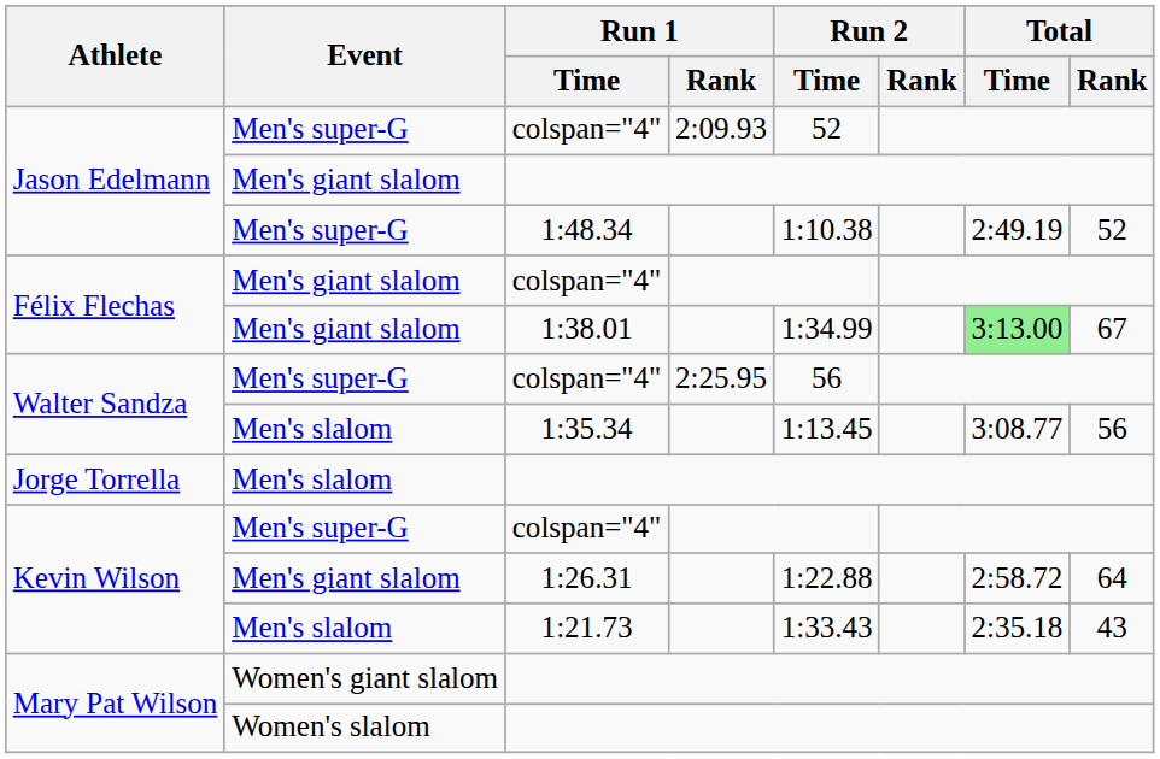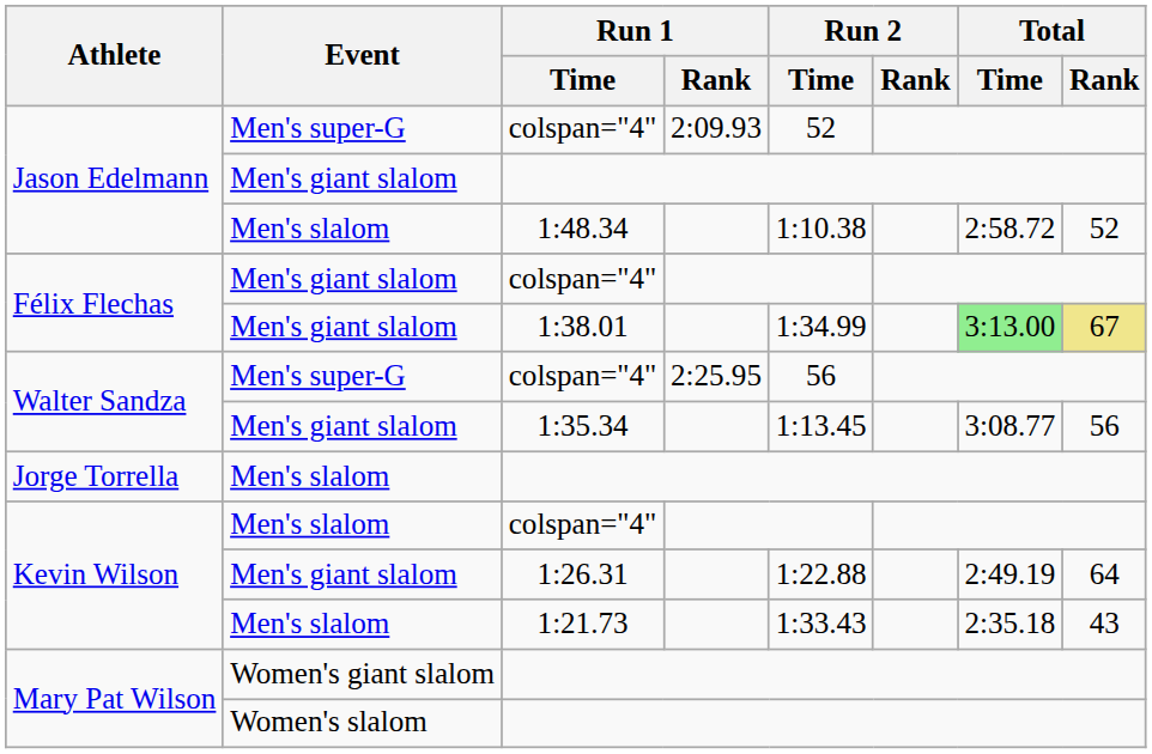 <table class="wikitable" style="font-size:90%">
 <tr>
 <th rowspan="2">Athlete</th>
 <th rowspan="2">Event</th>
 <th colspan="2">Run 1</th>
 <th colspan="2">Run 2</th>
 <th colspan="2">Total</th>
 </tr>
 <tr>
 <th>Time</th>
 <th>Rank</th>
 <th>Time</th>
 <th>Rank</th>
 <th>Time</th>
 <th>Rank</th>
 </tr>
 <tr>
 <td rowspan="3"><a href='#'>Jason Edelmann</a></td>
 <td><a href='#'>Men's super-G</a></td>
 <td>colspan="4" </td>
 <td align="center">2:09.93</td>
 <td align="center">52</td>
 </tr>
 <tr>
 <td><a href='#'>Men's giant slalom</a></td>
 <td colspan="6" align="center"></td>
 </tr>
 <tr>
-<td><a href='#'>Men's super-G</a></td>
+<td><a href='#'>Men's slalom</a></td>
 <td align="center">1:48.34</td>
 <td align="center"></td>
 <td align="center">1:10.38</td>
 <td align="center"></td>
-<td align="center">2:49.19</td>
+<td align="center">2:58.72</td>
 <td align="center">52</td>
 </tr>
 <tr>
 <td rowspan="2"><a href='#'>Félix Flechas</a></td>
 <td><a href='#'>Men's giant slalom</a></td>
 <td>colspan="4" </td>
 <td colspan="2" align="center"></td>
 </tr>
 <tr>
 <td><a href='#'>Men's giant slalom</a></td>
 <td align="center">1:38.01</td>
 <td align="center"></td>
 <td align="center">1:34.99</td>
 <td align="center"></td>
 <td align="center" style="background: lightgreen;">3:13.00</td>
-<td align="center">67</td>
+<td align="center" style="background: khaki;">67</td>
 </tr>
 <tr>
 <td rowspan="2"><a href='#'>Walter Sandza</a></td>
 <td><a href='#'>Men's super-G</a></td>
 <td>colspan="4" </td>
 <td align="center">2:25.95</td>
 <td align="center">56</td>
 </tr>
 <tr>
-<td><a href='#'>Men's slalom</a></td>
+<td><a href='#'>Men's giant slalom</a></td>
 <td align="center">1:35.34</td>
 <td align="center"></td>
 <td align="center">1:13.45</td>
 <td align="center"></td>
 <td align="center">3:08.77</td>
 <td align="center">56</td>
 </tr>
 <tr>
 <td><a href='#'>Jorge Torrella</a></td>
 <td><a href='#'>Men's slalom</a></td>
 <td colspan="6" align="center"></td>
 </tr>
 <tr>
 <td rowspan="3"><a href='#'>Kevin Wilson</a></td>
-<td><a href='#'>Men's super-G</a></td>
+<td><a href='#'>Men's slalom</a></td>
 <td>colspan="4" </td>
 <td colspan="2" align="center"></td>
 </tr>
 <tr>
 <td><a href='#'>Men's giant slalom</a></td>
 <td align="center">1:26.31</td>
 <td align="center"></td>
 <td align="center">1:22.88</td>
 <td align="center"></td>
-<td align="center">2:58.72</td>
+<td align="center">2:49.19</td>
 <td align="center">64</td>
 </tr>
 <tr>
 <td><a href='#'>Men's slalom</a></td>
 <td align="center">1:21.73</td>
 <td align="center"></td>
 <td align="center">1:33.43</td>
 <td align="center"></td>
 <td align="center">2:35.18</td>
 <td align="center">43</td>
 </tr>
 <tr>
 <td rowspan="2"><a href='#'>Mary Pat Wilson</a></td>
 <td>Women's giant slalom</td>
 <td colspan="6" align="center"></td>
 </tr>
 <tr>
 <td>Women's slalom</td>
 <td colspan="6" align="center"></td>
 </tr>
 </table>
